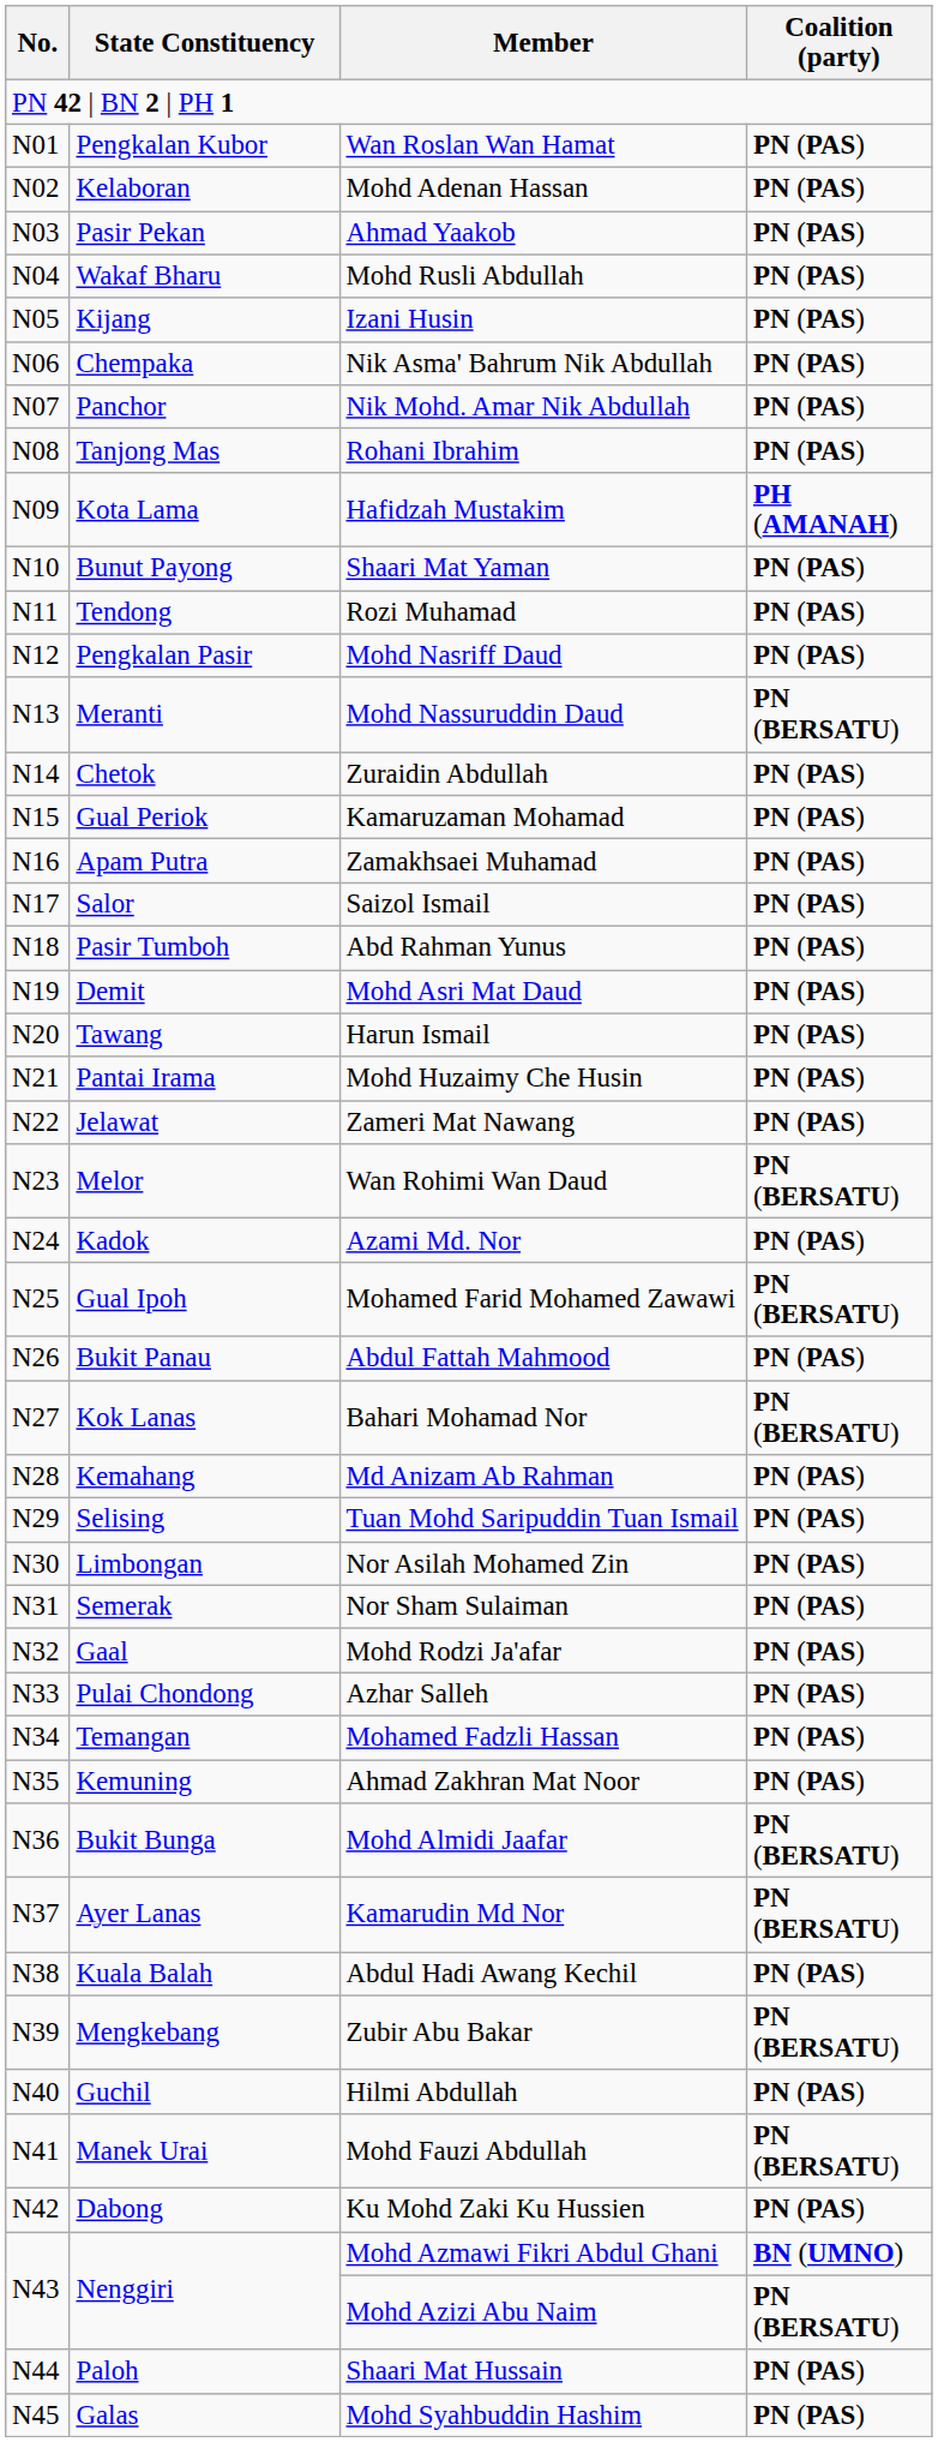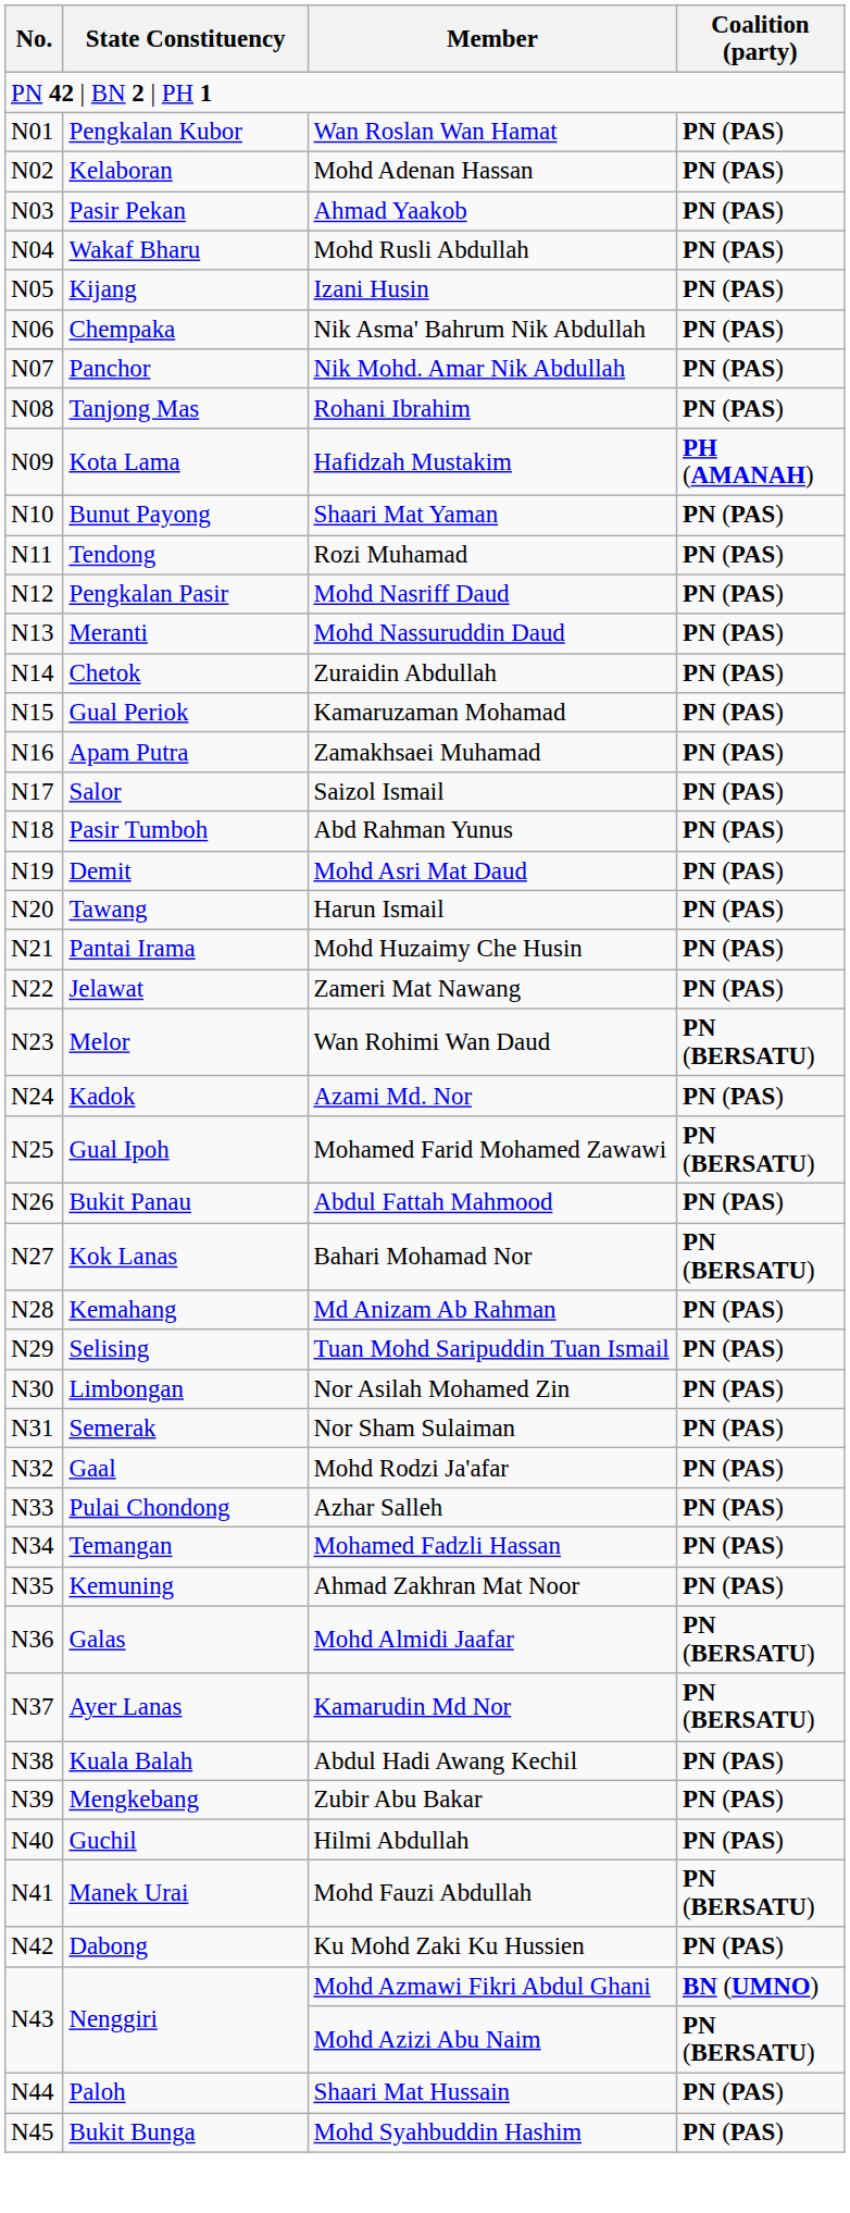 <table class="wikitable sortable">
 <tr>
 <th style="width:30px;">No.</th>
 <th style="width:150px;">State Constituency</th>
 <th style="width:230px;">Member</th>
 <th style="width:100px;">Coalition (party)</th>
 </tr>
 <tr>
 <td colspan="7"><a href='#'>PN</a> <strong>42</strong> | <a href='#'>BN</a> <strong>2</strong> | <a href='#'>PH</a> <strong>1</strong></td>
 </tr>
 <tr>
 <td>N01</td>
 <td><a href='#'>Pengkalan Kubor</a></td>
 <td><a href='#'>Wan Roslan Wan Hamat</a></td>
 <td style="background:"><strong>PN</strong> (<strong>PAS</strong>)</td>
 </tr>
 <tr>
 <td>N02</td>
 <td><a href='#'>Kelaboran</a></td>
 <td>Mohd Adenan Hassan</td>
 <td style="background:"><strong>PN</strong> (<strong>PAS</strong>)</td>
 </tr>
 <tr>
 <td>N03</td>
 <td><a href='#'>Pasir Pekan</a></td>
 <td><a href='#'>Ahmad Yaakob</a></td>
 <td style="background:"><strong>PN</strong> (<strong>PAS</strong>)</td>
 </tr>
 <tr>
 <td>N04</td>
 <td><a href='#'>Wakaf Bharu</a></td>
 <td>Mohd Rusli Abdullah</td>
 <td style="background:"><strong>PN</strong> (<strong>PAS</strong>)</td>
 </tr>
 <tr>
 <td>N05</td>
 <td><a href='#'>Kijang</a></td>
 <td><a href='#'>Izani Husin</a></td>
 <td style="background:"><strong>PN</strong> (<strong>PAS</strong>)</td>
 </tr>
 <tr>
 <td>N06</td>
 <td><a href='#'>Chempaka</a></td>
 <td>Nik Asma' Bahrum Nik Abdullah</td>
 <td style="background:"><strong>PN</strong> (<strong>PAS</strong>)</td>
 </tr>
 <tr>
 <td>N07</td>
 <td><a href='#'>Panchor</a></td>
 <td><a href='#'>Nik Mohd. Amar Nik Abdullah</a></td>
 <td style="background:"><strong>PN</strong> (<strong>PAS</strong>)</td>
 </tr>
 <tr>
 <td>N08</td>
 <td><a href='#'>Tanjong Mas</a></td>
 <td><a href='#'>Rohani Ibrahim</a></td>
 <td style="background:"><strong>PN</strong> (<strong>PAS</strong>)</td>
 </tr>
 <tr>
 <td>N09</td>
 <td><a href='#'>Kota Lama</a></td>
 <td><a href='#'>Hafidzah Mustakim</a></td>
 <td><strong><a href='#'>PH</a></strong> (<strong><a href='#'>AMANAH</a></strong>)</td>
 </tr>
 <tr>
 <td>N10</td>
 <td><a href='#'>Bunut Payong</a></td>
 <td><a href='#'>Shaari Mat Yaman</a></td>
 <td style="background:"><strong>PN</strong> (<strong>PAS</strong>)</td>
 </tr>
 <tr>
 <td>N11</td>
 <td><a href='#'>Tendong</a></td>
 <td>Rozi Muhamad</td>
 <td style="background:"><strong>PN</strong> (<strong>PAS</strong>)</td>
 </tr>
 <tr>
 <td>N12</td>
 <td><a href='#'>Pengkalan Pasir</a></td>
 <td><a href='#'>Mohd Nasriff Daud</a></td>
 <td style="background:"><strong>PN</strong> (<strong>PAS</strong>)</td>
 </tr>
 <tr>
 <td>N13</td>
 <td><a href='#'>Meranti</a></td>
 <td><a href='#'>Mohd Nassuruddin Daud</a></td>
-<td style="background:"><strong>PN</strong> (<strong>BERSATU</strong>)</td>
+<td style="background:"><strong>PN</strong> (<strong>PAS</strong>)</td>
 </tr>
 <tr>
 <td>N14</td>
 <td><a href='#'>Chetok</a></td>
 <td>Zuraidin Abdullah</td>
 <td style="background:"><strong>PN</strong> (<strong>PAS</strong>)</td>
 </tr>
 <tr>
 <td>N15</td>
 <td><a href='#'>Gual Periok</a></td>
 <td>Kamaruzaman Mohamad</td>
 <td style="background:"><strong>PN</strong> (<strong>PAS</strong>)</td>
 </tr>
 <tr>
 <td>N16</td>
 <td><a href='#'>Apam Putra</a></td>
 <td>Zamakhsaei Muhamad</td>
 <td style="background:"><strong>PN</strong> (<strong>PAS</strong>)</td>
 </tr>
 <tr>
 <td>N17</td>
 <td><a href='#'>Salor</a></td>
 <td>Saizol Ismail</td>
 <td style="background:"><strong>PN</strong> (<strong>PAS</strong>)</td>
 </tr>
 <tr>
 <td>N18</td>
 <td><a href='#'>Pasir Tumboh</a></td>
 <td>Abd Rahman Yunus</td>
 <td style="background:"><strong>PN</strong> (<strong>PAS</strong>)</td>
 </tr>
 <tr>
 <td>N19</td>
 <td><a href='#'>Demit</a></td>
 <td><a href='#'>Mohd Asri Mat Daud</a></td>
 <td style="background:"><strong>PN</strong> (<strong>PAS</strong>)</td>
 </tr>
 <tr>
 <td>N20</td>
 <td><a href='#'>Tawang</a></td>
 <td>Harun Ismail</td>
 <td style="background:"><strong>PN</strong> (<strong>PAS</strong>)</td>
 </tr>
 <tr>
 <td>N21</td>
 <td><a href='#'>Pantai Irama</a></td>
 <td>Mohd Huzaimy Che Husin</td>
 <td style="background:"><strong>PN</strong> (<strong>PAS</strong>)</td>
 </tr>
 <tr>
 <td>N22</td>
 <td><a href='#'>Jelawat</a></td>
 <td>Zameri Mat Nawang</td>
 <td style="background:"><strong>PN</strong> (<strong>PAS</strong>)</td>
 </tr>
 <tr>
 <td>N23</td>
 <td><a href='#'>Melor</a></td>
 <td>Wan Rohimi Wan Daud</td>
 <td style="background:"><strong>PN</strong> (<strong>BERSATU</strong>)</td>
 </tr>
 <tr>
 <td>N24</td>
 <td><a href='#'>Kadok</a></td>
 <td><a href='#'>Azami Md. Nor</a></td>
 <td style="background:"><strong>PN</strong> (<strong>PAS</strong>)</td>
 </tr>
 <tr>
 <td>N25</td>
 <td><a href='#'>Gual Ipoh</a></td>
 <td>Mohamed Farid Mohamed Zawawi</td>
 <td style="background:"><strong>PN</strong> (<strong>BERSATU</strong>)</td>
 </tr>
 <tr>
 <td>N26</td>
 <td><a href='#'>Bukit Panau</a></td>
 <td><a href='#'>Abdul Fattah Mahmood</a></td>
 <td style="background:"><strong>PN</strong> (<strong>PAS</strong>)</td>
 </tr>
 <tr>
 <td>N27</td>
 <td><a href='#'>Kok Lanas</a></td>
 <td>Bahari Mohamad Nor</td>
 <td style="background:"><strong>PN</strong> (<strong>BERSATU</strong>)</td>
 </tr>
 <tr>
 <td>N28</td>
 <td><a href='#'>Kemahang</a></td>
 <td><a href='#'>Md Anizam Ab Rahman</a></td>
 <td style="background:"><strong>PN</strong> (<strong>PAS</strong>)</td>
 </tr>
 <tr>
 <td>N29</td>
 <td><a href='#'>Selising</a></td>
 <td><a href='#'>Tuan Mohd Saripuddin Tuan Ismail</a></td>
 <td style="background:"><strong>PN</strong> (<strong>PAS</strong>)</td>
 </tr>
 <tr>
 <td>N30</td>
 <td><a href='#'>Limbongan</a></td>
 <td>Nor Asilah Mohamed Zin</td>
 <td style="background:"><strong>PN</strong> (<strong>PAS</strong>)</td>
 </tr>
 <tr>
 <td>N31</td>
 <td><a href='#'>Semerak</a></td>
 <td>Nor Sham Sulaiman</td>
 <td style="background:"><strong>PN</strong> (<strong>PAS</strong>)</td>
 </tr>
 <tr>
 <td>N32</td>
 <td><a href='#'>Gaal</a></td>
 <td>Mohd Rodzi Ja'afar</td>
 <td style="background:"><strong>PN</strong> (<strong>PAS</strong>)</td>
 </tr>
 <tr>
 <td>N33</td>
 <td><a href='#'>Pulai Chondong</a></td>
 <td>Azhar Salleh</td>
 <td style="background:"><strong>PN</strong> (<strong>PAS</strong>)</td>
 </tr>
 <tr>
 <td>N34</td>
 <td><a href='#'>Temangan</a></td>
 <td><a href='#'>Mohamed Fadzli Hassan</a></td>
 <td style="background:"><strong>PN</strong> (<strong>PAS</strong>)</td>
 </tr>
 <tr>
 <td>N35</td>
 <td><a href='#'>Kemuning</a></td>
 <td>Ahmad Zakhran Mat Noor</td>
 <td style="background:"><strong>PN</strong> (<strong>PAS</strong>)</td>
 </tr>
 <tr>
 <td>N36</td>
-<td><a href='#'>Bukit Bunga</a></td>
+<td><a href='#'>Galas</a></td>
 <td><a href='#'>Mohd Almidi Jaafar</a></td>
 <td style="background:"><strong>PN</strong> (<strong>BERSATU</strong>)</td>
 </tr>
 <tr>
 <td>N37</td>
 <td><a href='#'>Ayer Lanas</a></td>
 <td><a href='#'>Kamarudin Md Nor</a></td>
 <td style="background:"><strong>PN</strong> (<strong>BERSATU</strong>)</td>
 </tr>
 <tr>
 <td>N38</td>
 <td><a href='#'>Kuala Balah</a></td>
 <td>Abdul Hadi Awang Kechil</td>
 <td style="background:"><strong>PN</strong> (<strong>PAS</strong>)</td>
 </tr>
 <tr>
 <td>N39</td>
 <td><a href='#'>Mengkebang</a></td>
 <td>Zubir Abu Bakar</td>
-<td style="background:"><strong>PN</strong> (<strong>BERSATU</strong>)</td>
+<td style="background:"><strong>PN</strong> (<strong>PAS</strong>)</td>
 </tr>
 <tr>
 <td>N40</td>
 <td><a href='#'>Guchil</a></td>
 <td>Hilmi Abdullah</td>
 <td style="background:"><strong>PN</strong> (<strong>PAS</strong>)</td>
 </tr>
 <tr>
 <td>N41</td>
 <td><a href='#'>Manek Urai</a></td>
 <td>Mohd Fauzi Abdullah</td>
 <td style="background:"><strong>PN</strong> (<strong>BERSATU</strong>)</td>
 </tr>
 <tr>
 <td>N42</td>
 <td><a href='#'>Dabong</a></td>
 <td>Ku Mohd Zaki Ku Hussien</td>
 <td style="background:"><strong>PN</strong> (<strong>PAS</strong>)</td>
 </tr>
 <tr>
 <td rowspan=2>N43</td>
 <td rowspan=2><a href='#'>Nenggiri</a></td>
 <td><a href='#'>Mohd Azmawi Fikri Abdul Ghani</a> </td>
 <td style="background:"><strong><a href='#'>BN</a></strong> (<strong><a href='#'>UMNO</a></strong>)</td>
 </tr>
 <tr>
 <td><a href='#'>Mohd Azizi Abu Naim</a> </td>
 <td style="background:"><strong>PN</strong> (<strong>BERSATU</strong>)</td>
 </tr>
 <tr>
 <td>N44</td>
 <td><a href='#'>Paloh</a></td>
 <td><a href='#'>Shaari Mat Hussain</a></td>
 <td style="background:"><strong>PN</strong> (<strong>PAS</strong>)</td>
 </tr>
 <tr>
 <td>N45</td>
-<td><a href='#'>Galas</a></td>
+<td><a href='#'>Bukit Bunga</a></td>
 <td><a href='#'>Mohd Syahbuddin Hashim</a></td>
 <td style="background:"><strong>PN</strong> (<strong>PAS</strong>)</td>
 </tr>
 </table>
